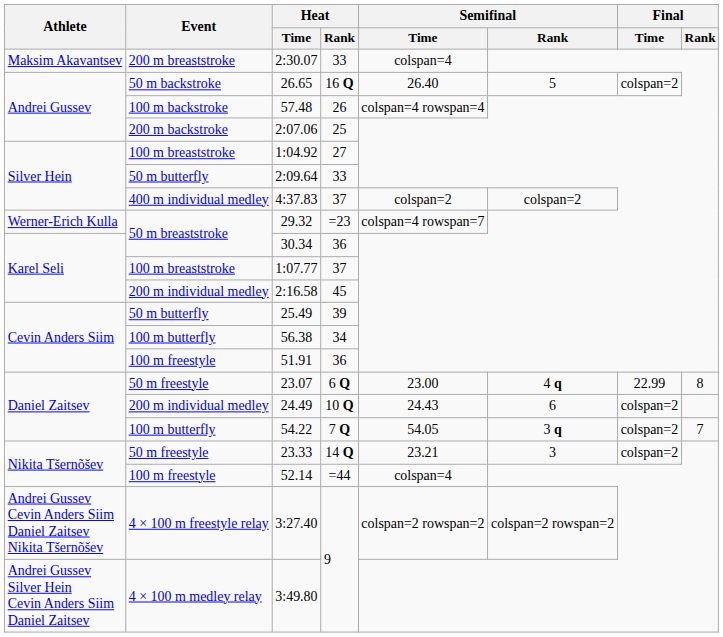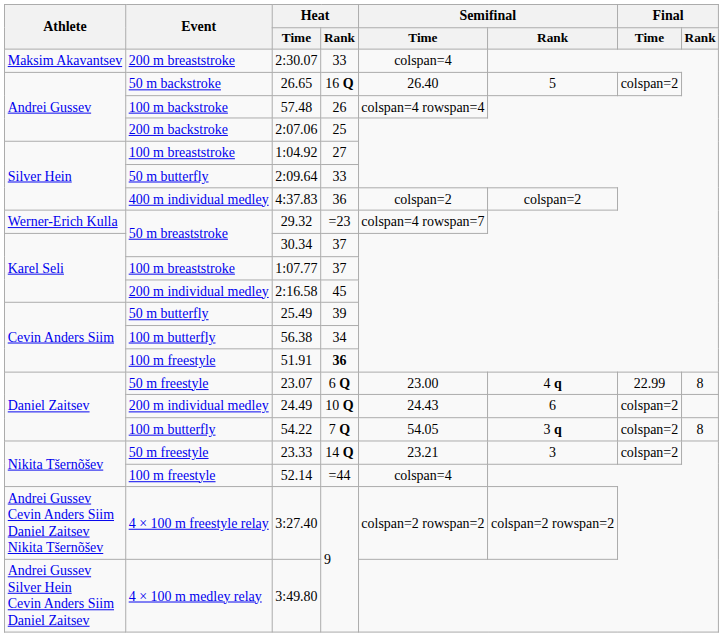 <table class="wikitable" style="font-size:90%">
 <tr>
 <th rowspan=2>Athlete</th>
 <th rowspan=2>Event</th>
 <th colspan=2>Heat</th>
 <th colspan=2>Semifinal</th>
 <th colspan=2>Final</th>
 </tr>
 <tr style="font-size:95%">
 <th>Time</th>
 <th>Rank</th>
 <th>Time</th>
 <th>Rank</th>
 <th>Time</th>
 <th>Rank</th>
 </tr>
 <tr align=center>
 <td align=left><a href='#'>Maksim Akavantsev</a></td>
 <td align=left><a href='#'>200 m breaststroke</a></td>
 <td>2:30.07</td>
 <td>33</td>
 <td>colspan=4 </td>
 </tr>
 <tr align=center>
 <td rowspan=3 align=left><a href='#'>Andrei Gussev</a></td>
 <td align=left><a href='#'>50 m backstroke</a></td>
 <td>26.65</td>
 <td>16 <strong>Q</strong></td>
 <td>26.40</td>
 <td>5</td>
 <td>colspan=2 </td>
 </tr>
 <tr align=center>
 <td align=left><a href='#'>100 m backstroke</a></td>
 <td>57.48</td>
 <td>26</td>
 <td>colspan=4 rowspan=4 </td>
 </tr>
 <tr align=center>
 <td align=left><a href='#'>200 m backstroke</a></td>
 <td>2:07.06</td>
 <td>25</td>
 </tr>
 <tr align=center>
 <td rowspan=3 align=left><a href='#'>Silver Hein</a></td>
 <td align=left><a href='#'>100 m breaststroke</a></td>
 <td>1:04.92</td>
 <td>27</td>
 </tr>
 <tr align=center>
 <td align=left><a href='#'>50 m butterfly</a></td>
 <td>2:09.64</td>
 <td>33</td>
 </tr>
 <tr align=center>
 <td align=left><a href='#'>400 m individual medley</a></td>
 <td>4:37.83</td>
-<td>37</td>
+<td>36</td>
 <td>colspan=2 </td>
 <td>colspan=2 </td>
 </tr>
 <tr align=center>
 <td align=left><a href='#'>Werner-Erich Kulla</a></td>
 <td align=left rowspan=2><a href='#'>50 m breaststroke</a></td>
 <td>29.32</td>
 <td>=23</td>
 <td>colspan=4 rowspan=7 </td>
 </tr>
 <tr align=center>
 <td rowspan=3 align=left><a href='#'>Karel Seli</a></td>
 <td>30.34</td>
-<td>36</td>
+<td>37</td>
 </tr>
 <tr align=center>
 <td align=left><a href='#'>100 m breaststroke</a></td>
 <td>1:07.77</td>
 <td>37</td>
 </tr>
 <tr align=center>
 <td align=left><a href='#'>200 m individual medley</a></td>
 <td>2:16.58</td>
 <td>45</td>
 </tr>
 <tr align=center>
 <td rowspan=3 align=left><a href='#'>Cevin Anders Siim</a></td>
 <td align=left><a href='#'>50 m butterfly</a></td>
 <td>25.49</td>
 <td>39</td>
 </tr>
 <tr align=center>
 <td align=left><a href='#'>100 m butterfly</a></td>
 <td>56.38</td>
 <td>34</td>
 </tr>
 <tr align=center>
 <td align=left><a href='#'>100 m freestyle</a></td>
 <td>51.91</td>
-<td>36</td>
+<td><strong>36</strong></td>
 </tr>
 <tr align=center>
 <td rowspan=3 align=left><a href='#'>Daniel Zaitsev</a></td>
 <td align=left><a href='#'>50 m freestyle</a></td>
 <td>23.07</td>
 <td>6 <strong>Q</strong></td>
 <td>23.00</td>
 <td>4 <strong>q</strong></td>
 <td>22.99</td>
 <td>8</td>
 </tr>
 <tr align=center>
 <td align=left><a href='#'>200 m individual medley</a></td>
 <td>24.49</td>
 <td>10 <strong>Q</strong></td>
 <td>24.43</td>
 <td>6</td>
 <td>colspan=2 </td>
 </tr>
 <tr align=center>
 <td align=left><a href='#'>100 m butterfly</a></td>
 <td>54.22</td>
 <td>7 <strong>Q</strong></td>
 <td>54.05</td>
 <td>3 <strong>q</strong></td>
 <td>colspan=2 </td>
-<td>7</td>
+<td>8</td>
 </tr>
 <tr align=center>
 <td rowspan=2 align=left><a href='#'>Nikita Tšernõšev</a></td>
 <td align=left><a href='#'>50 m freestyle</a></td>
 <td>23.33</td>
 <td>14 <strong>Q</strong></td>
 <td>23.21</td>
 <td>3</td>
 <td>colspan=2 </td>
 </tr>
 <tr align=center>
 <td align=left><a href='#'>100 m freestyle</a></td>
 <td>52.14</td>
 <td>=44</td>
 <td>colspan=4 </td>
 </tr>
 <tr>
 <td align=left><a href='#'>Andrei Gussev</a><br><a href='#'>Cevin Anders Siim</a><br><a href='#'>Daniel Zaitsev</a><br><a href='#'>Nikita Tšernõšev</a></td>
 <td align=left><a href='#'>4 × 100 m freestyle relay</a></td>
 <td>3:27.40</td>
 <td rowspan=2>9</td>
 <td>colspan=2 rowspan=2 </td>
 <td>colspan=2 rowspan=2 </td>
 </tr>
 <tr>
 <td align=left><a href='#'>Andrei Gussev</a><br><a href='#'>Silver Hein</a><br><a href='#'>Cevin Anders Siim</a><br><a href='#'>Daniel Zaitsev</a></td>
 <td align=left><a href='#'>4 × 100 m medley relay</a></td>
 <td>3:49.80</td>
 </tr>
 </table>
